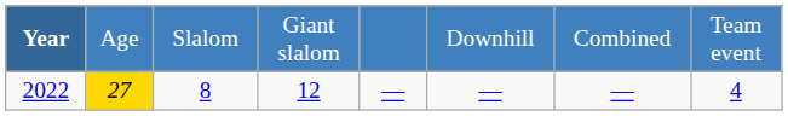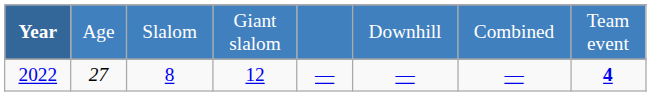 <table class="wikitable" style="font-size:95%; text-align:center; border:grey solid 1px; border-collapse:collapse;" width="40%">
 <tr style="background-color:#369; color:white;">
 <td rowspan="2" colspan="1" width="4%"><strong>Year</strong></td>
 </tr>
 <tr style="background-color:#4180be; color:white;">
 <td width="3%">Age</td>
 <td width="5%">Slalom</td>
 <td width="5%">Giant<br>slalom</td>
 <td width="5%"></td>
 <td width="5%">Downhill</td>
 <td width="5%">Combined</td>
 <td width="5%">Team event</td>
 </tr>
 <tr style="background-color:#8CB2D8; color:white;">
 </tr>
 <tr>
 <td><a href='#'>2022</a></td>
-<td style="background: gold;"><em>27</em></td>
+<td><em>27</em></td>
 <td><a href='#'>8</a></td>
 <td><a href='#'>12</a></td>
 <td><a href='#'>—</a></td>
 <td><a href='#'>—</a></td>
 <td><a href='#'>—</a></td>
-<td><a href='#'>4</a></td>
+<td><strong><a href='#'>4</a></strong></td>
 </tr>
 </table>
